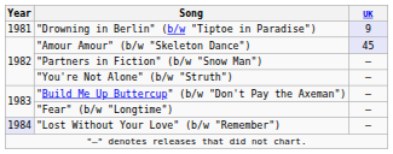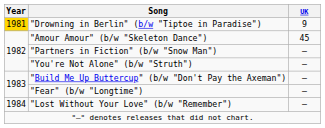 <table class="wikitable">
 <tr>
 <th>Year</th>
 <th>Song</th>
 <th style="width:45px;"><small><a href='#'>UK</a></small><br></th>
 </tr>
 <tr>
-<td rowspan="1">1981</td>
+<td rowspan="1" style="background: gold;">1981</td>
 <td>"Drowning in Berlin" (<a href='#'>b/w</a> "Tiptoe in Paradise")</td>
-<td align=center style="background: lavender;">9</td>
+<td align=center>9</td>
 </tr>
 <tr>
 <td rowspan="3">1982</td>
 <td>"Amour Amour" (b/w "Skeleton Dance")</td>
-<td align=center style="background: lavender;">45</td>
+<td align=center>45</td>
 </tr>
 <tr>
 <td>"Partners in Fiction" (b/w "Snow Man")</td>
 <td align=center>—</td>
 </tr>
 <tr>
 <td>"You're Not Alone" (b/w "Struth")</td>
 <td align=center>—</td>
 </tr>
 <tr>
 <td rowspan="2">1983</td>
 <td>"<a href='#'>Build Me Up Buttercup</a>" (b/w "Don't Pay the Axeman")</td>
 <td align=center>—</td>
 </tr>
 <tr>
 <td>"Fear" (b/w "Longtime")</td>
 <td align=center>—</td>
 </tr>
 <tr>
-<td rowspan="1" style="background: lavender;">1984</td>
+<td rowspan="1">1984</td>
 <td>"Lost Without Your Love" (b/w "Remember")</td>
 <td align=center>—</td>
 </tr>
 <tr>
 <td colspan="7" style="text-align:center; font-size:9pt;">"—" denotes releases that did not chart.</td>
 </tr>
 </table>
